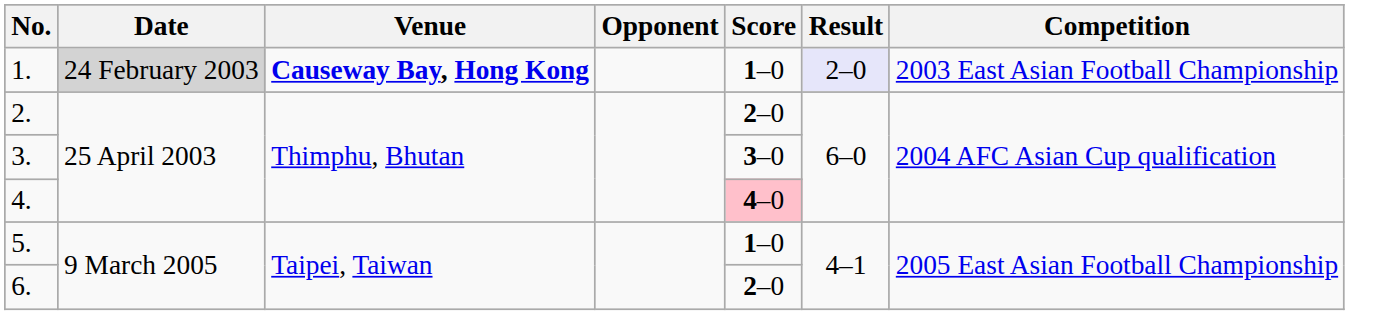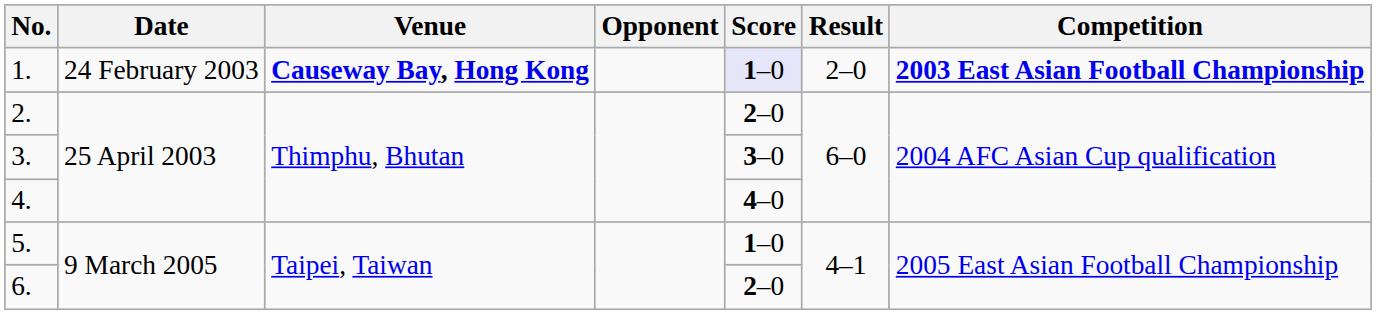 <table class="wikitable">
 <tr>
 <th>No.</th>
 <th>Date</th>
 <th>Venue</th>
 <th>Opponent</th>
 <th>Score</th>
 <th>Result</th>
 <th>Competition</th>
 </tr>
 <tr>
 <td>1.</td>
-<td style="background: lightgrey;">24 February 2003</td>
+<td>24 February 2003</td>
 <td><strong><a href='#'>Causeway Bay</a>, <a href='#'>Hong Kong</a></strong></td>
 <td></td>
-<td align=center><strong>1</strong>–0</td>
-<td align=center style="background: lavender;">2–0</td>
-<td><a href='#'>2003 East Asian Football Championship</a></td>
+<td align=center style="background: lavender;"><strong>1</strong>–0</td>
+<td align=center>2–0</td>
+<td><strong><a href='#'>2003 East Asian Football Championship</a></strong></td>
 </tr>
 <tr>
 <td>2.</td>
 <td rowspan=3>25 April 2003</td>
 <td rowspan=3><a href='#'>Thimphu</a>, <a href='#'>Bhutan</a></td>
 <td rowspan=3></td>
 <td align=center><strong>2</strong>–0</td>
 <td rowspan=3 align=center>6–0</td>
 <td rowspan=3><a href='#'>2004 AFC Asian Cup qualification</a></td>
 </tr>
 <tr>
 <td>3.</td>
 <td align=center><strong>3</strong>–0</td>
 </tr>
 <tr>
 <td>4.</td>
-<td align=center style="background: pink;"><strong>4</strong>–0</td>
+<td align=center><strong>4</strong>–0</td>
 </tr>
 <tr>
 <td>5.</td>
 <td rowspan=2>9 March 2005</td>
 <td rowspan=2><a href='#'>Taipei</a>, <a href='#'>Taiwan</a></td>
 <td rowspan=2></td>
 <td align=center><strong>1</strong>–0</td>
 <td rowspan=2 align=center>4–1</td>
 <td rowspan=2><a href='#'>2005 East Asian Football Championship</a></td>
 </tr>
 <tr>
 <td>6.</td>
 <td align=center><strong>2</strong>–0</td>
 </tr>
 </table>
